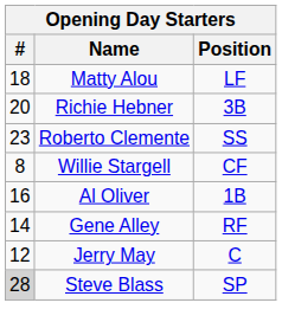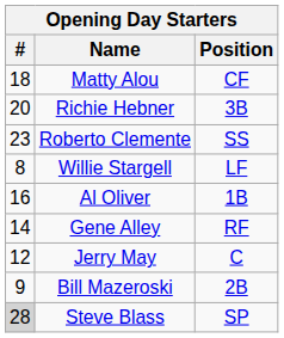 <table class="wikitable" style="text-align:center">
 <tr>
 <th colspan="3">Opening Day Starters</th>
 </tr>
 <tr>
 <th>#</th>
 <th>Name</th>
 <th>Position</th>
 </tr>
 <tr>
 <td>18</td>
 <td><a href='#'>Matty Alou</a></td>
-<td><a href='#'>LF</a></td>
+<td><a href='#'>CF</a></td>
 </tr>
 <tr>
 <td>20</td>
 <td><a href='#'>Richie Hebner</a></td>
 <td><a href='#'>3B</a></td>
 </tr>
 <tr>
 <td>23</td>
 <td><a href='#'>Roberto Clemente</a></td>
 <td><a href='#'>SS</a></td>
 </tr>
 <tr>
 <td>8</td>
 <td><a href='#'>Willie Stargell</a></td>
-<td><a href='#'>CF</a></td>
+<td><a href='#'>LF</a></td>
 </tr>
 <tr>
 <td>16</td>
 <td><a href='#'>Al Oliver</a></td>
 <td><a href='#'>1B</a></td>
 </tr>
 <tr>
 <td>14</td>
 <td><a href='#'>Gene Alley</a></td>
 <td><a href='#'>RF</a></td>
 </tr>
 <tr>
 <td>12</td>
 <td><a href='#'>Jerry May</a></td>
 <td><a href='#'>C</a></td>
 </tr>
 <tr>
+<td>9</td>
+<td><a href='#'>Bill Mazeroski</a></td>
+<td><a href='#'>2B</a></td>
+</tr>
+<tr>
 <td style="background: lightgrey;">28</td>
 <td><a href='#'>Steve Blass</a></td>
 <td><a href='#'>SP</a></td>
 </tr>
 </table>
